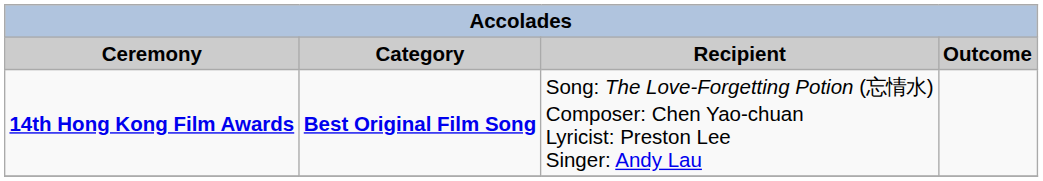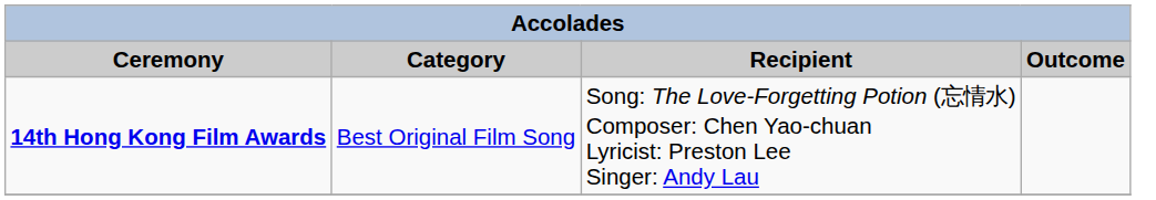 <table class="wikitable" style="font-size:95%;" ;>
 <tr style="background:#ccc; text-align:center;">
 <th colspan="4" style="background: LightSteelBlue;">Accolades</th>
 </tr>
 <tr style="background:#ccc; text-align:center;">
 <th style="background:#ccc">Ceremony</th>
 <th style="background:#ccc">Category</th>
 <th style="background:#ccc">Recipient</th>
 <th style="background:#ccc">Outcome</th>
 </tr>
 <tr>
 <td><strong><a href='#'>14th Hong Kong Film Awards</a></strong></td>
-<td><strong><a href='#'>Best Original Film Song</a></strong></td>
+<td><a href='#'>Best Original Film Song</a></td>
 <td>Song: <em>The Love-Forgetting Potion</em> (忘情水)<br>Composer: Chen Yao-chuan <br>Lyricist: Preston Lee <br>Singer: <a href='#'>Andy Lau</a></td>
 <td></td>
 </tr>
 <tr>
 </tr>
 </table>
